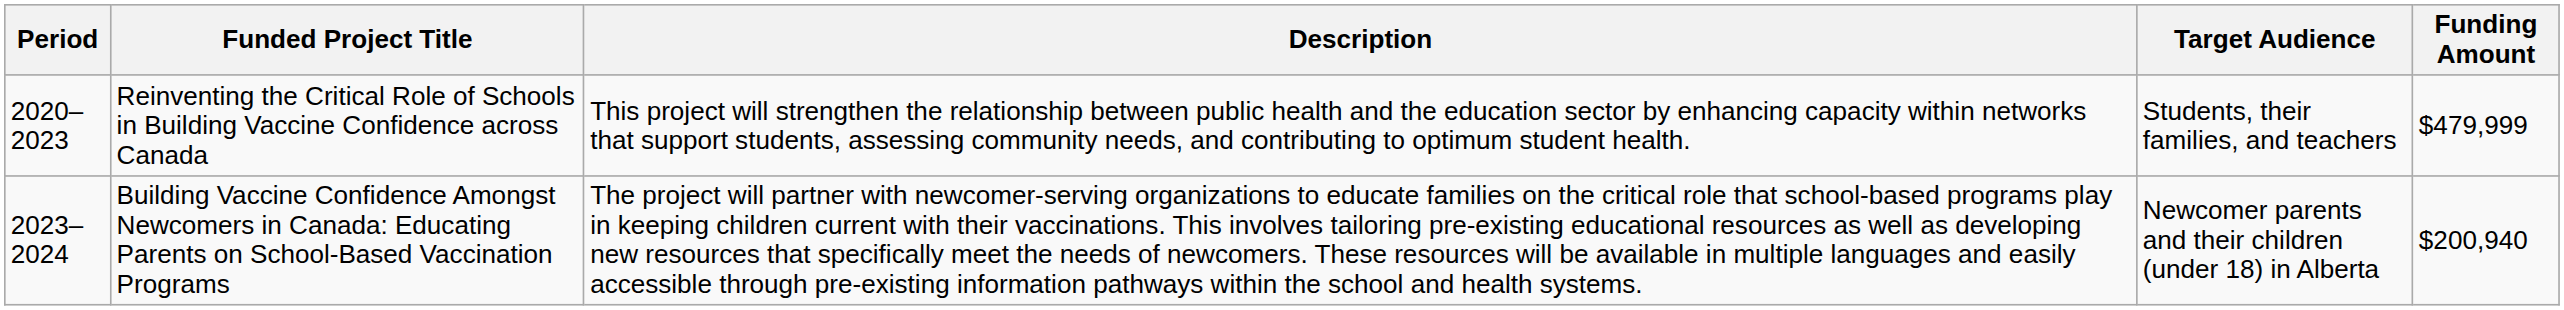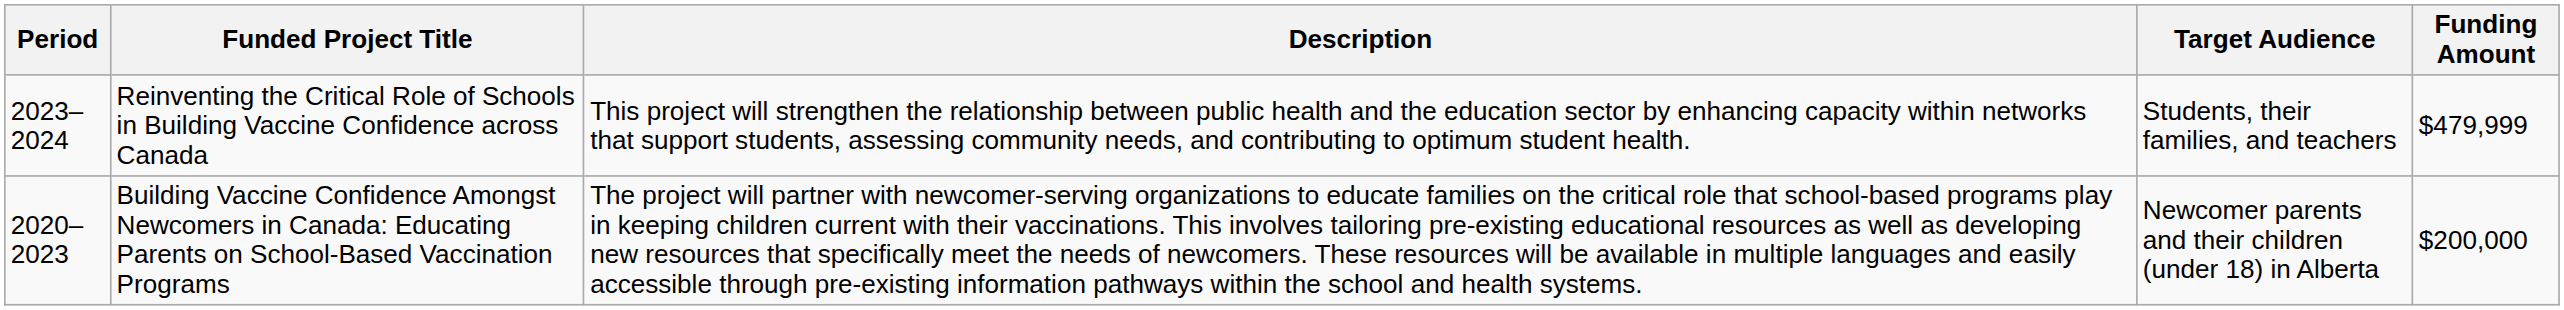 <table class="wikitable">
 <tr>
 <th>Period</th>
 <th>Funded Project Title</th>
 <th>Description</th>
 <th>Target Audience</th>
 <th>Funding Amount</th>
 </tr>
 <tr>
-<td>2020–2023</td>
+<td>2023–2024</td>
 <td>Reinventing the Critical Role of Schools in Building Vaccine Confidence across Canada</td>
 <td>This project will strengthen the relationship between public health and the education sector by enhancing capacity within networks that support students, assessing community needs, and contributing to optimum student health.</td>
 <td>Students, their families, and teachers</td>
 <td>$479,999</td>
 </tr>
 <tr>
-<td>2023–2024</td>
+<td>2020–2023</td>
 <td>Building Vaccine Confidence Amongst Newcomers in Canada: Educating Parents on School-Based Vaccination Programs</td>
 <td>The project will partner with newcomer-serving organizations to educate families on the critical role that school-based programs play in keeping children current with their vaccinations. This involves tailoring pre-existing educational resources as well as developing new resources that specifically meet the needs of newcomers. These resources will be available in multiple languages and easily accessible through pre-existing information pathways within the school and health systems.</td>
 <td>Newcomer parents and their children (under 18) in Alberta</td>
-<td>$200,940</td>
+<td>$200,000</td>
 </tr>
 </table>
